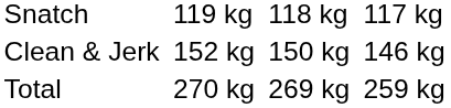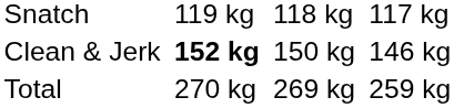 <table>
 <tr>
 <td>Snatch</td>
 <td></td>
 <td>119 kg</td>
 <td></td>
 <td>118 kg</td>
 <td></td>
 <td>117 kg</td>
 </tr>
 <tr>
 <td>Clean & Jerk</td>
 <td></td>
-<td>152 kg</td>
+<td><strong>152 kg</strong></td>
 <td></td>
 <td>150 kg</td>
 <td></td>
 <td>146 kg</td>
 </tr>
 <tr>
 <td>Total</td>
 <td></td>
 <td>270 kg</td>
 <td></td>
 <td>269 kg</td>
 <td></td>
 <td>259 kg</td>
 </tr>
 </table>
